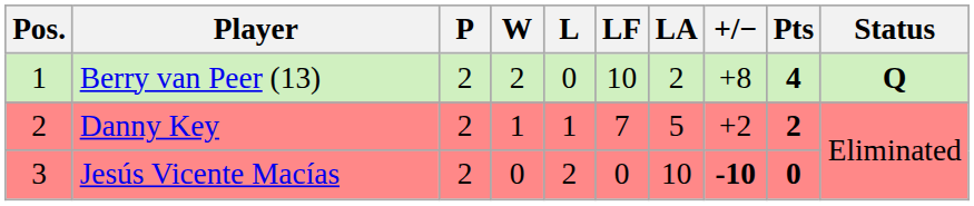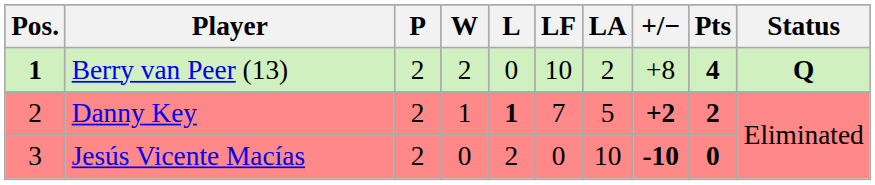 <table class="wikitable" style="text-align:center; margin: 1em auto 1em auto, align:left">
 <tr>
 <th width=20>Pos.</th>
 <th width=185>Player</th>
 <th width=20>P</th>
 <th width=20>W</th>
 <th width=20>L</th>
 <th width=20>LF</th>
 <th width=20>LA</th>
 <th width=25>+/−</th>
 <th width=20>Pts</th>
 <th width=70>Status</th>
 </tr>
 <tr style="background:#D0F0C0;">
-<td>1</td>
+<td><strong>1</strong></td>
 <td align=left> <a href='#'>Berry van Peer</a> (13)</td>
 <td>2</td>
 <td>2</td>
 <td>0</td>
 <td>10</td>
 <td>2</td>
 <td>+8</td>
 <td><strong>4</strong></td>
 <td rowspan=1><strong>Q</strong></td>
 </tr>
 <tr style="background:#FF8888;">
 <td>2</td>
 <td align=left> <a href='#'>Danny Key</a></td>
 <td>2</td>
 <td>1</td>
-<td>1</td>
+<td><strong>1</strong></td>
 <td>7</td>
 <td>5</td>
-<td>+2</td>
+<td><strong>+2</strong></td>
 <td><strong>2</strong></td>
 <td rowspan=2>Eliminated</td>
 </tr>
 <tr style="background:#FF8888;">
 <td>3</td>
 <td align=left> <a href='#'>Jesús Vicente Macías</a></td>
 <td>2</td>
 <td>0</td>
 <td>2</td>
 <td>0</td>
 <td>10</td>
 <td><strong>-10</strong></td>
 <td><strong>0</strong></td>
 </tr>
 </table>
